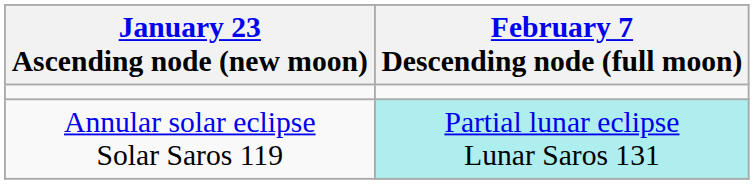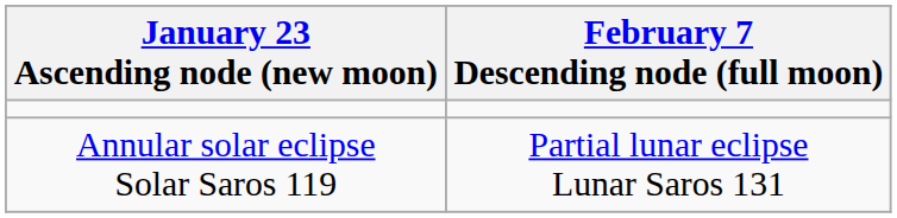 <table class="wikitable">
 <tr>
 <th><a href='#'>January 23</a><br>Ascending node (new moon)<br></th>
 <th><a href='#'>February 7</a><br>Descending node (full moon)<br></th>
 </tr>
 <tr>
 <td></td>
 <td></td>
 </tr>
 <tr align=center>
 <td><a href='#'>Annular solar eclipse</a><br>Solar Saros 119</td>
-<td style="background: paleturquoise;"><a href='#'>Partial lunar eclipse</a><br>Lunar Saros 131</td>
+<td><a href='#'>Partial lunar eclipse</a><br>Lunar Saros 131</td>
 </tr>
 </table>
